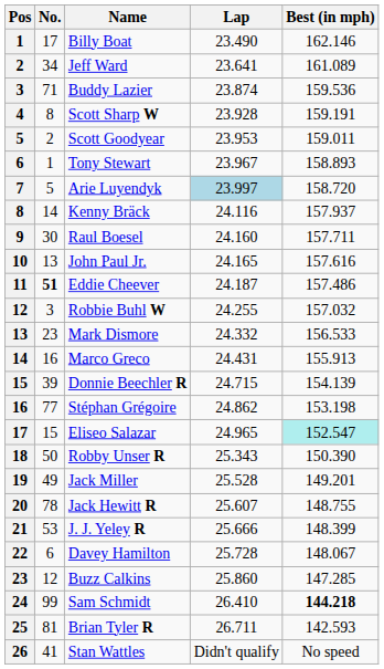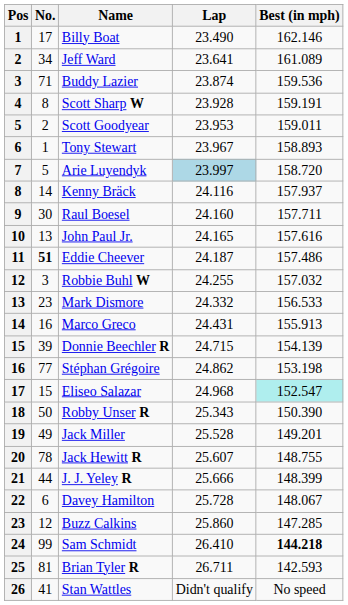 <table class="wikitable sortable" " style="fontsize:95%">
 <tr>
 <th>Pos</th>
 <th>No.</th>
 <th>Name</th>
 <th>Lap</th>
 <th>Best (in mph)</th>
 </tr>
 <tr>
 <th scope="row">1</th>
 <td align=center>17</td>
 <td> <a href='#'>Billy Boat</a></td>
 <td align="center">23.490</td>
 <td align="center">162.146</td>
 </tr>
 <tr>
 <th scope="row">2</th>
 <td align=center>34</td>
 <td> <a href='#'>Jeff Ward</a></td>
 <td align="center">23.641</td>
 <td align="center">161.089</td>
 </tr>
 <tr>
 <th scope="row">3</th>
 <td align=center>71</td>
 <td> <a href='#'>Buddy Lazier</a></td>
 <td align="center">23.874</td>
 <td align="center">159.536</td>
 </tr>
 <tr>
 <th scope="row">4</th>
 <td align=center>8</td>
 <td> <a href='#'>Scott Sharp</a> <strong><span>W</span></strong></td>
 <td align="center">23.928</td>
 <td align="center">159.191</td>
 </tr>
 <tr>
 <th scope="row">5</th>
 <td align=center>2</td>
 <td> <a href='#'>Scott Goodyear</a></td>
 <td align="center">23.953</td>
 <td align="center">159.011</td>
 </tr>
 <tr>
 <th scope="row">6</th>
 <td align=center>1</td>
 <td> <a href='#'>Tony Stewart</a></td>
 <td align="center">23.967</td>
 <td align="center">158.893</td>
 </tr>
 <tr>
 <th scope="row">7</th>
 <td align=center>5</td>
 <td> <a href='#'>Arie Luyendyk</a></td>
 <td align="center" style="background: lightblue;">23.997</td>
 <td align="center">158.720</td>
 </tr>
 <tr>
 <th scope="row">8</th>
 <td align=center>14</td>
 <td> <a href='#'>Kenny Bräck</a></td>
 <td align="center">24.116</td>
 <td align="center">157.937</td>
 </tr>
 <tr>
 <th scope="row">9</th>
 <td align=center>30</td>
 <td> <a href='#'>Raul Boesel</a></td>
 <td align="center">24.160</td>
 <td align="center">157.711</td>
 </tr>
 <tr>
 <th scope="row">10</th>
 <td align=center>13</td>
 <td> <a href='#'>John Paul Jr.</a></td>
 <td align="center">24.165</td>
 <td align="center">157.616</td>
 </tr>
 <tr>
 <th scope="row">11</th>
 <td align=center><strong>51</strong></td>
 <td> <a href='#'>Eddie Cheever</a></td>
 <td align="center">24.187</td>
 <td align="center">157.486</td>
 </tr>
 <tr>
 <th scope="row">12</th>
 <td align=center>3</td>
 <td> <a href='#'>Robbie Buhl</a> <strong><span>W</span></strong></td>
 <td align="center">24.255</td>
 <td align="center">157.032</td>
 </tr>
 <tr>
 <th scope="row">13</th>
 <td align=center>23</td>
 <td> <a href='#'>Mark Dismore</a></td>
 <td align="center">24.332</td>
 <td align="center">156.533</td>
 </tr>
 <tr>
 <th scope="row">14</th>
 <td align=center>16</td>
 <td> <a href='#'>Marco Greco</a></td>
 <td align="center">24.431</td>
 <td align="center">155.913</td>
 </tr>
 <tr>
 <th scope="row">15</th>
 <td align=center>39</td>
 <td> <a href='#'>Donnie Beechler</a> <strong><span>R</span></strong></td>
 <td align="center">24.715</td>
 <td align="center">154.139</td>
 </tr>
 <tr>
 <th scope="row">16</th>
 <td align=center>77</td>
 <td> <a href='#'>Stéphan Grégoire</a></td>
 <td align="center">24.862</td>
 <td align="center">153.198</td>
 </tr>
 <tr>
 <th scope="row">17</th>
 <td align=center>15</td>
 <td> <a href='#'>Eliseo Salazar</a></td>
-<td align="center">24.965</td>
+<td align="center">24.968</td>
 <td align="center" style="background: paleturquoise;">152.547</td>
 </tr>
 <tr>
 <th scope="row">18</th>
 <td align=center>50</td>
 <td> <a href='#'>Robby Unser</a> <strong><span>R</span></strong></td>
 <td align="center">25.343</td>
 <td align="center">150.390</td>
 </tr>
 <tr>
 <th scope="row">19</th>
 <td align=center>49</td>
 <td> <a href='#'>Jack Miller</a></td>
 <td align="center">25.528</td>
 <td align="center">149.201</td>
 </tr>
 <tr>
 <th scope="row">20</th>
 <td align=center>78</td>
 <td> <a href='#'>Jack Hewitt</a> <strong><span>R</span></strong></td>
 <td align="center">25.607</td>
 <td align="center">148.755</td>
 </tr>
 <tr>
 <th scope="row">21</th>
-<td align=center>53</td>
+<td align=center>44</td>
 <td> <a href='#'>J. J. Yeley</a> <strong><span>R</span></strong></td>
 <td align="center">25.666</td>
 <td align="center">148.399</td>
 </tr>
 <tr>
 <th scope="row">22</th>
 <td align=center>6</td>
 <td> <a href='#'>Davey Hamilton</a></td>
 <td align="center">25.728</td>
 <td align="center">148.067</td>
 </tr>
 <tr>
 <th scope="row">23</th>
 <td align=center>12</td>
 <td> <a href='#'>Buzz Calkins</a></td>
 <td align="center">25.860</td>
 <td align="center">147.285</td>
 </tr>
 <tr>
 <th scope="row">24</th>
 <td align=center>99</td>
 <td> <a href='#'>Sam Schmidt</a></td>
 <td align="center">26.410</td>
 <td align="center"><strong>144.218</strong></td>
 </tr>
 <tr>
 <th scope="row">25</th>
 <td align=center>81</td>
 <td> <a href='#'>Brian Tyler</a> <strong><span>R</span></strong></td>
 <td align="center">26.711</td>
 <td align="center">142.593</td>
 </tr>
 <tr>
 <th scope="row">26</th>
 <td align=center>41</td>
 <td> <a href='#'>Stan Wattles</a></td>
 <td align="center">Didn't qualify</td>
 <td align="center">No speed</td>
 </tr>
 </table>
